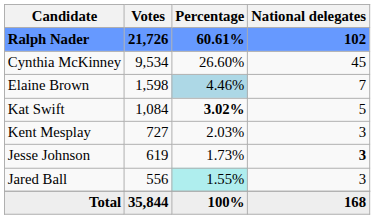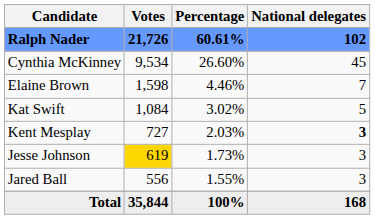 <table class="wikitable" style=" text-align:right;">
 <tr>
 <th>Candidate</th>
 <th>Votes</th>
 <th>Percentage</th>
 <th>National delegates</th>
 </tr>
 <tr style="background:#69f;">
 <td style="text-align:left;"><strong>Ralph Nader</strong></td>
 <td><strong>21,726</strong></td>
 <td><strong>60.61%</strong></td>
 <td><strong>102</strong></td>
 </tr>
 <tr>
 <td style="text-align:left;">Cynthia McKinney</td>
 <td>9,534</td>
 <td>26.60%</td>
 <td>45</td>
 </tr>
 <tr>
 <td style="text-align:left;">Elaine Brown</td>
 <td>1,598</td>
-<td style="background: lightblue;">4.46%</td>
+<td>4.46%</td>
 <td>7</td>
 </tr>
 <tr>
 <td style="text-align:left;">Kat Swift</td>
 <td>1,084</td>
-<td><strong>3.02%</strong></td>
+<td>3.02%</td>
 <td>5</td>
 </tr>
 <tr>
 <td style="text-align:left;">Kent Mesplay</td>
 <td>727</td>
 <td>2.03%</td>
-<td>3</td>
+<td><strong>3</strong></td>
 </tr>
 <tr>
 <td style="text-align:left;">Jesse Johnson</td>
-<td>619</td>
+<td style="background: gold;">619</td>
 <td>1.73%</td>
-<td><strong>3</strong></td>
+<td>3</td>
 </tr>
 <tr>
 <td style="text-align:left;">Jared Ball</td>
 <td>556</td>
-<td style="background: paleturquoise;">1.55%</td>
+<td>1.55%</td>
 <td>3</td>
 </tr>
 <tr>
 </tr>
 <tr style="background:#eee;">
 <td style="margin-right:0.50px"><strong>Total</strong></td>
 <td style="margin-right:0.50px"><strong>35,844</strong></td>
 <td style="margin-right:0.50px"><strong>100%</strong></td>
 <td style="margin-right:0.50px"><strong>168</strong></td>
 </tr>
 </table>
